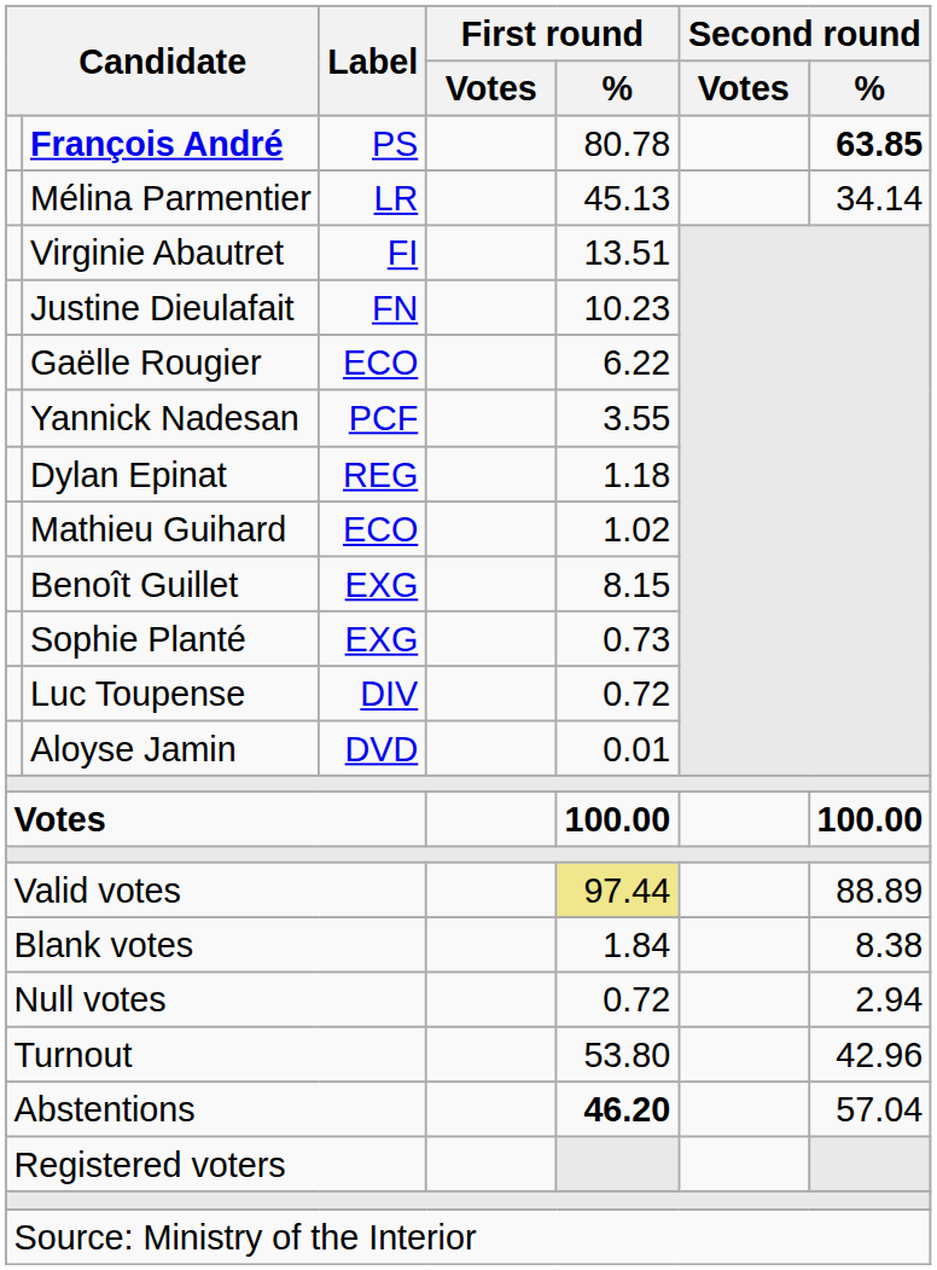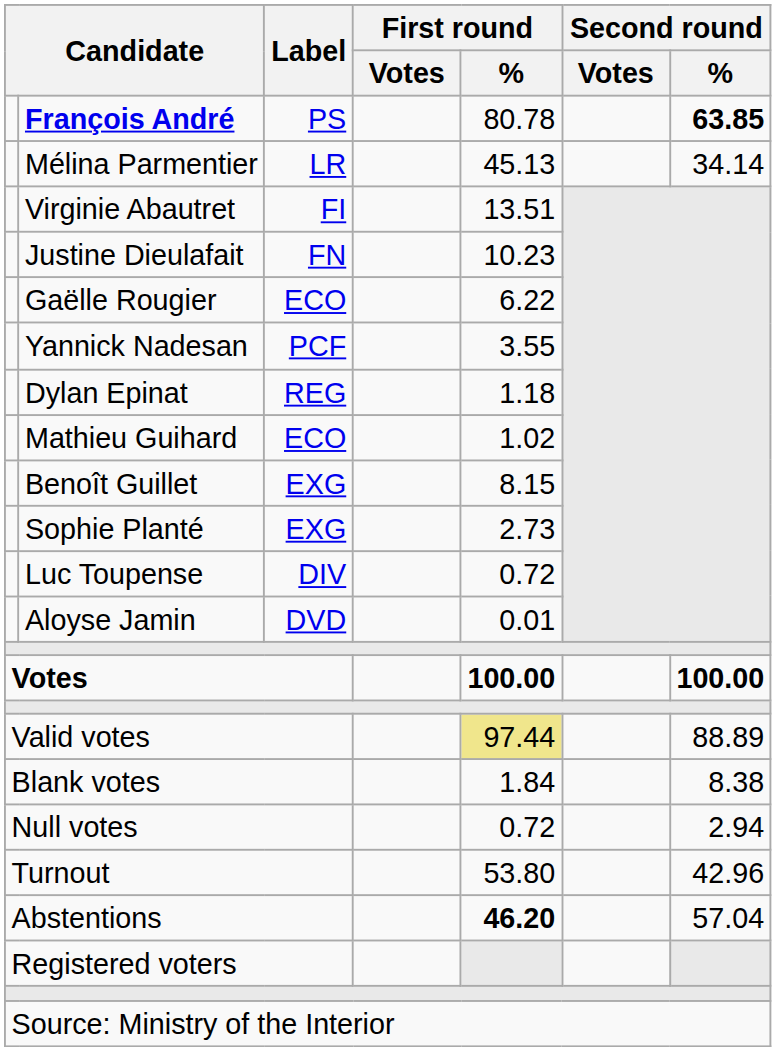 <table class="wikitable" style="text-align:right;font-size:95%;">
 <tr>
 <th colspan="2" rowspan="2">Candidate</th>
 <th rowspan="2">Label</th>
 <th colspan="2">First round</th>
 <th colspan="2">Second round</th>
 </tr>
 <tr>
 <th style="width:50px;">Votes</th>
 <th style="width:45px;">%</th>
 <th style="width:50px;">Votes</th>
 <th style="width:45px;">%</th>
 </tr>
 <tr>
 <td style="color:inherit;background:"></td>
 <td style="text-align:left;"><strong><a href='#'>François André</a></strong></td>
 <td><a href='#'>PS</a></td>
 <td></td>
 <td>80.78</td>
 <td><strong></strong></td>
 <td><strong>63.85</strong></td>
 </tr>
 <tr>
 <td style="color:inherit;background:"></td>
 <td style="text-align:left;">Mélina Parmentier</td>
 <td><a href='#'>LR</a></td>
 <td></td>
 <td>45.13</td>
 <td></td>
 <td>34.14</td>
 </tr>
 <tr>
 <td style="color:inherit;background:"></td>
 <td style="text-align:left;">Virginie Abautret</td>
 <td><a href='#'>FI</a></td>
 <td></td>
 <td>13.51</td>
 <td colspan="2" rowspan="10" style="background:#E9E9E9;"></td>
 </tr>
 <tr>
 <td style="color:inherit;background:"></td>
 <td style="text-align:left;">Justine Dieulafait</td>
 <td><a href='#'>FN</a></td>
 <td></td>
 <td>10.23</td>
 </tr>
 <tr>
 <td style="color:inherit;background:"></td>
 <td style="text-align:left;">Gaëlle Rougier</td>
 <td><a href='#'>ECO</a></td>
 <td></td>
 <td>6.22</td>
 </tr>
 <tr>
 <td style="color:inherit;background:"></td>
 <td style="text-align:left;">Yannick Nadesan</td>
 <td><a href='#'>PCF</a></td>
 <td></td>
 <td>3.55</td>
 </tr>
 <tr>
 <td style="color:inherit;background:"></td>
 <td style="text-align:left;">Dylan Epinat</td>
 <td><a href='#'>REG</a></td>
 <td></td>
 <td>1.18</td>
 </tr>
 <tr>
 <td style="color:inherit;background:"></td>
 <td style="text-align:left;">Mathieu Guihard</td>
 <td><a href='#'>ECO</a></td>
 <td></td>
 <td>1.02</td>
 </tr>
 <tr>
 <td style="color:inherit;background:"></td>
 <td style="text-align:left;">Benoît Guillet</td>
 <td><a href='#'>EXG</a></td>
 <td></td>
 <td>8.15</td>
 </tr>
 <tr>
 <td style="color:inherit;background:"></td>
 <td style="text-align:left;">Sophie Planté</td>
 <td><a href='#'>EXG</a></td>
 <td></td>
-<td>0.73</td>
+<td>2.73</td>
 </tr>
 <tr>
 <td style="color:inherit;background:"></td>
 <td style="text-align:left;">Luc Toupense</td>
 <td><a href='#'>DIV</a></td>
 <td></td>
 <td>0.72</td>
 </tr>
 <tr>
 <td style="color:inherit;background:"></td>
 <td style="text-align:left;">Aloyse Jamin</td>
 <td><a href='#'>DVD</a></td>
 <td></td>
 <td>0.01</td>
 </tr>
 <tr>
 <td colspan="7" style="background:#E9E9E9;"></td>
 </tr>
 <tr style="font-weight:bold;">
 <td colspan="3" style="text-align:left;">Votes</td>
 <td></td>
 <td>100.00</td>
 <td></td>
 <td>100.00</td>
 </tr>
 <tr>
 <td colspan="7" style="background:#E9E9E9;"></td>
 </tr>
 <tr>
 <td colspan="3" style="text-align:left;">Valid votes</td>
 <td></td>
 <td style="background: khaki;">97.44</td>
 <td></td>
 <td>88.89</td>
 </tr>
 <tr>
 <td colspan="3" style="text-align:left;">Blank votes</td>
 <td></td>
 <td>1.84</td>
 <td></td>
 <td>8.38</td>
 </tr>
 <tr>
 <td colspan="3" style="text-align:left;">Null votes</td>
 <td></td>
 <td>0.72</td>
 <td></td>
 <td>2.94</td>
 </tr>
 <tr>
 <td colspan="3" style="text-align:left;">Turnout</td>
 <td></td>
 <td>53.80</td>
 <td></td>
 <td>42.96</td>
 </tr>
 <tr>
 <td colspan="3" style="text-align:left;">Abstentions</td>
 <td></td>
 <td><strong>46.20</strong></td>
 <td></td>
 <td>57.04</td>
 </tr>
 <tr>
 <td colspan="3" style="text-align:left;">Registered voters</td>
 <td></td>
 <td style="color:inherit;background:#E9E9E9;"></td>
 <td></td>
 <td style="color:inherit;background:#E9E9E9;"></td>
 </tr>
 <tr>
 <td colspan="7" style="background:#E9E9E9;"></td>
 </tr>
 <tr>
 <td colspan="7" style="text-align:left;">Source: Ministry of the Interior</td>
 </tr>
 </table>
